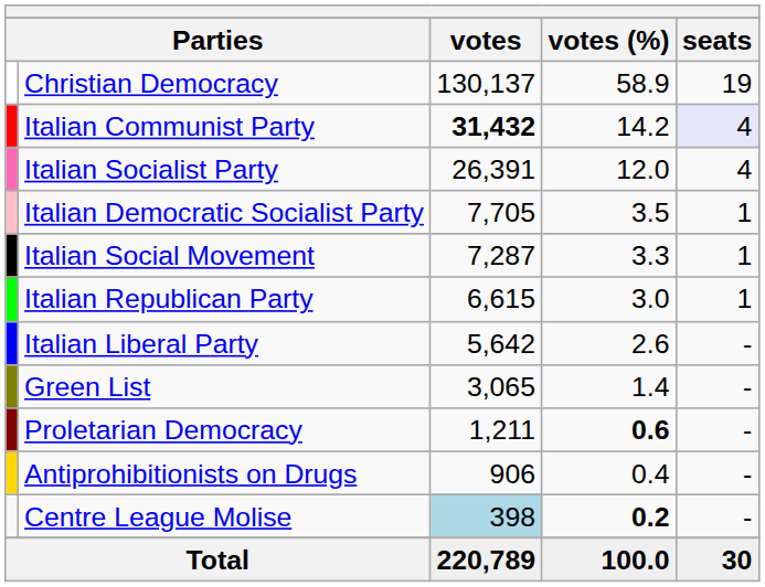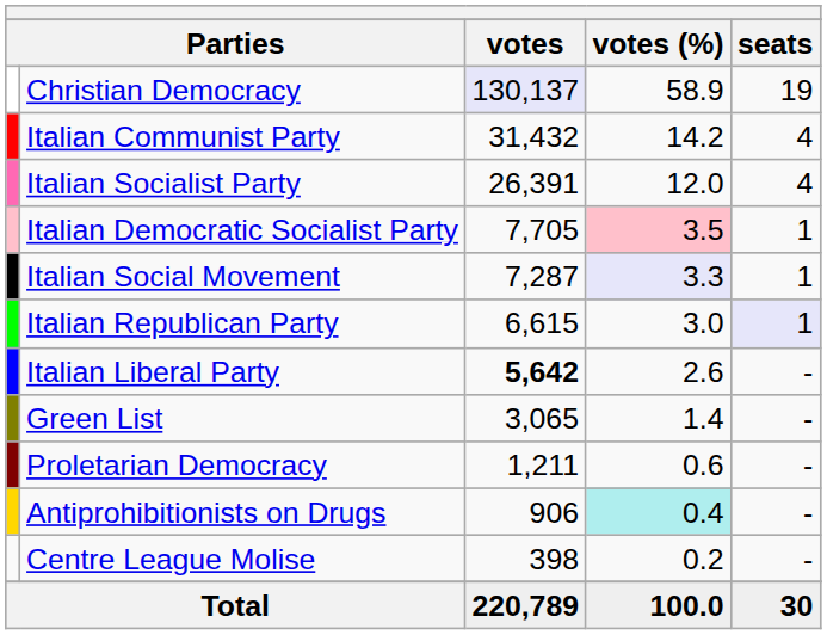 <table class="wikitable" style="font-size:95%">
 <tr>
 <th colspan=5></th>
 </tr>
 <tr>
 </tr>
 <tr bgcolor="EFEFEF">
 <th colspan=2>Parties</th>
 <th>votes</th>
 <th>votes (%)</th>
 <th>seats</th>
 </tr>
 <tr>
 <td bgcolor=White></td>
 <td><a href='#'>Christian Democracy</a></td>
-<td align=right>130,137</td>
+<td align=right style="background: lavender;">130,137</td>
 <td align=right>58.9</td>
 <td align=right>19</td>
 </tr>
 <tr>
 <td bgcolor=Red></td>
 <td><a href='#'>Italian Communist Party</a></td>
-<td align=right><strong>31,432</strong></td>
+<td align=right>31,432</td>
 <td align=right>14.2</td>
-<td align=right style="background: lavender;">4</td>
+<td align=right>4</td>
 </tr>
 <tr>
 <td bgcolor=Hotpink></td>
 <td><a href='#'>Italian Socialist Party</a></td>
 <td align=right>26,391</td>
 <td align=right>12.0</td>
 <td align=right>4</td>
 </tr>
 <tr>
 <td bgcolor=Pink></td>
 <td><a href='#'>Italian Democratic Socialist Party</a></td>
 <td align=right>7,705</td>
-<td align=right>3.5</td>
+<td align=right style="background: pink;">3.5</td>
 <td align=right>1</td>
 </tr>
 <tr>
 <td bgcolor=Black></td>
 <td><a href='#'>Italian Social Movement</a></td>
 <td align=right>7,287</td>
-<td align=right>3.3</td>
+<td align=right style="background: lavender;">3.3</td>
 <td align=right>1</td>
 </tr>
 <tr>
 <td bgcolor=Lime></td>
 <td><a href='#'>Italian Republican Party</a></td>
 <td align=right>6,615</td>
 <td align=right>3.0</td>
-<td align=right>1</td>
+<td align=right style="background: lavender;">1</td>
 </tr>
 <tr>
 <td bgcolor=Blue></td>
 <td><a href='#'>Italian Liberal Party</a></td>
-<td align=right>5,642</td>
+<td align=right><strong>5,642</strong></td>
 <td align=right>2.6</td>
 <td align=right>-</td>
 </tr>
 <tr>
 <td bgcolor=Olive></td>
 <td><a href='#'>Green List</a></td>
 <td align=right>3,065</td>
 <td align=right>1.4</td>
 <td align=right>-</td>
 </tr>
 <tr>
 <td bgcolor=Maroon></td>
 <td><a href='#'>Proletarian Democracy</a></td>
 <td align=right>1,211</td>
-<td align=right><strong>0.6</strong></td>
+<td align=right>0.6</td>
 <td align=right>-</td>
 </tr>
 <tr>
 <td bgcolor=Gold></td>
 <td><a href='#'>Antiprohibitionists on Drugs</a></td>
 <td align=right>906</td>
-<td align=right>0.4</td>
+<td align=right style="background: paleturquoise;">0.4</td>
 <td align=right>-</td>
 </tr>
 <tr>
 <td bgcolor=></td>
 <td><a href='#'>Centre League Molise</a></td>
-<td align=right style="background: lightblue;">398</td>
-<td align=right><strong>0.2</strong></td>
+<td align=right>398</td>
+<td align=right>0.2</td>
 <td align=right>-</td>
 </tr>
 <tr>
 </tr>
 <tr bgcolor="EFEFEF">
 <th colspan=2><strong>Total</strong></th>
 <td align=right><strong>220,789</strong></td>
 <td align=right><strong>100.0</strong></td>
 <td align=right><strong>30</strong></td>
 </tr>
 </table>
